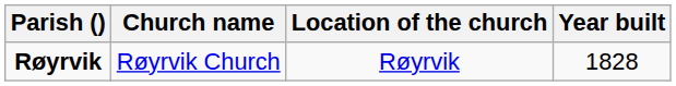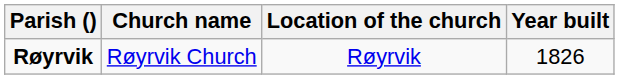 <table class="wikitable" style="text-align:center">
 <tr>
 <th>Parish ()</th>
 <th>Church name</th>
 <th>Location of the church</th>
 <th>Year built</th>
 </tr>
 <tr>
 <td><strong>Røyrvik</strong></td>
 <td><a href='#'>Røyrvik Church</a></td>
 <td><a href='#'>Røyrvik</a></td>
-<td>1828</td>
+<td>1826</td>
 </tr>
 </table>
